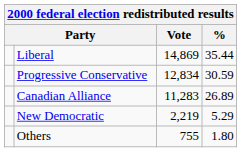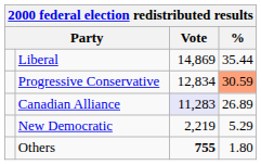 <table class="wikitable">
 <tr>
 <th colspan="4"><a href='#'>2000 federal election</a> redistributed results</th>
 </tr>
 <tr>
 <th bgcolor="#DDDDFF" width="130px" colspan="2">Party</th>
 <th bgcolor="#DDDDFF" width="50px">Vote</th>
 <th bgcolor="#DDDDFF" width="30px">%</th>
 </tr>
 <tr>
 <td> </td>
 <td><a href='#'>Liberal</a></td>
 <td align=right>14,869</td>
 <td align=right>35.44</td>
 </tr>
 <tr>
 <td> </td>
 <td><a href='#'>Progressive Conservative</a></td>
 <td align=right>12,834</td>
-<td align=right>30.59</td>
+<td align=right style="background: lightsalmon;">30.59</td>
 </tr>
 <tr>
 <td> </td>
 <td><a href='#'>Canadian Alliance</a></td>
-<td align=right>11,283</td>
+<td align=right style="background: lavender;">11,283</td>
 <td align=right>26.89</td>
 </tr>
 <tr>
 <td> </td>
 <td><a href='#'>New Democratic</a></td>
 <td align=right>2,219</td>
 <td align=right>5.29</td>
 </tr>
 <tr>
 <td> </td>
 <td>Others</td>
-<td align=right>755</td>
+<td align=right><strong>755</strong></td>
 <td align=right>1.80</td>
 </tr>
 </table>
